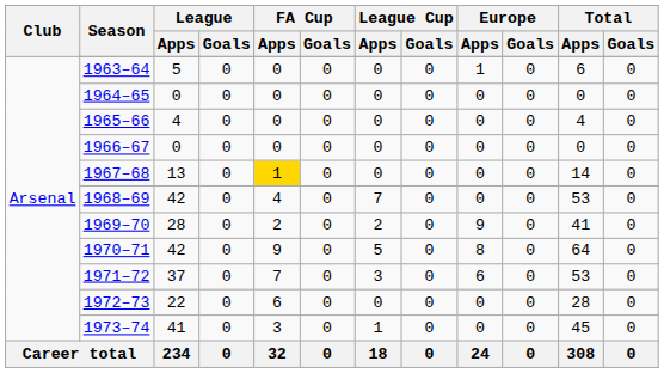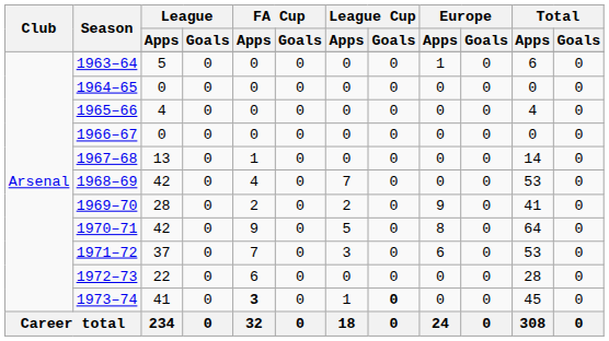 <table class="wikitable" style="text-align:center">
 <tr>
 <th rowspan="2">Club</th>
 <th rowspan="2">Season</th>
 <th colspan="2">League</th>
 <th colspan="2">FA Cup</th>
 <th colspan="2">League Cup</th>
 <th colspan="2">Europe</th>
 <th colspan="2">Total </th>
 </tr>
 <tr>
 <th>Apps</th>
 <th>Goals</th>
 <th>Apps</th>
 <th>Goals</th>
 <th>Apps</th>
 <th>Goals</th>
 <th>Apps</th>
 <th>Goals</th>
 <th>Apps</th>
 <th>Goals</th>
 </tr>
 <tr>
 <td rowspan="12"><a href='#'>Arsenal</a></td>
 </tr>
 <tr>
 <td><a href='#'>1963–64</a></td>
 <td>5</td>
 <td>0</td>
 <td>0</td>
 <td>0</td>
 <td>0</td>
 <td>0</td>
 <td>1</td>
 <td>0</td>
 <td>6</td>
 <td>0</td>
 </tr>
 <tr>
 <td><a href='#'>1964–65</a></td>
 <td>0</td>
 <td>0</td>
 <td>0</td>
 <td>0</td>
 <td>0</td>
 <td>0</td>
 <td>0</td>
 <td>0</td>
 <td>0</td>
 <td>0</td>
 </tr>
 <tr>
 <td><a href='#'>1965–66</a></td>
 <td>4</td>
 <td>0</td>
 <td>0</td>
 <td>0</td>
 <td>0</td>
 <td>0</td>
 <td>0</td>
 <td>0</td>
 <td>4</td>
 <td>0</td>
 </tr>
 <tr>
 <td><a href='#'>1966–67</a></td>
 <td>0</td>
 <td>0</td>
 <td>0</td>
 <td>0</td>
 <td>0</td>
 <td>0</td>
 <td>0</td>
 <td>0</td>
 <td>0</td>
 <td>0</td>
 </tr>
 <tr>
 <td><a href='#'>1967–68</a></td>
 <td>13</td>
 <td>0</td>
-<td style="background: gold;">1</td>
+<td>1</td>
 <td>0</td>
 <td>0</td>
 <td>0</td>
 <td>0</td>
 <td>0</td>
 <td>14</td>
 <td>0</td>
 </tr>
 <tr>
 <td><a href='#'>1968–69</a></td>
 <td>42</td>
 <td>0</td>
 <td>4</td>
 <td>0</td>
 <td>7</td>
 <td>0</td>
 <td>0</td>
 <td>0</td>
 <td>53</td>
 <td>0</td>
 </tr>
 <tr>
 <td><a href='#'>1969–70</a></td>
 <td>28</td>
 <td>0</td>
 <td>2</td>
 <td>0</td>
 <td>2</td>
 <td>0</td>
 <td>9</td>
 <td>0</td>
 <td>41</td>
 <td>0</td>
 </tr>
 <tr>
 <td><a href='#'>1970–71</a></td>
 <td>42</td>
 <td>0</td>
 <td>9</td>
 <td>0</td>
 <td>5</td>
 <td>0</td>
 <td>8</td>
 <td>0</td>
 <td>64</td>
 <td>0</td>
 </tr>
 <tr>
 <td><a href='#'>1971–72</a></td>
 <td>37</td>
 <td>0</td>
 <td>7</td>
 <td>0</td>
 <td>3</td>
 <td>0</td>
 <td>6</td>
 <td>0</td>
 <td>53</td>
 <td>0</td>
 </tr>
 <tr>
 <td><a href='#'>1972–73</a></td>
 <td>22</td>
 <td>0</td>
 <td>6</td>
 <td>0</td>
 <td>0</td>
 <td>0</td>
 <td>0</td>
 <td>0</td>
 <td>28</td>
 <td>0</td>
 </tr>
 <tr>
 <td><a href='#'>1973–74</a></td>
 <td>41</td>
 <td>0</td>
-<td>3</td>
+<td><strong>3</strong></td>
 <td>0</td>
 <td>1</td>
-<td>0</td>
+<td><strong>0</strong></td>
 <td>0</td>
 <td>0</td>
 <td>45</td>
 <td>0</td>
 </tr>
 <tr>
 <th colspan="2">Career total</th>
 <th>234</th>
 <th>0</th>
 <th>32</th>
 <th>0</th>
 <th>18</th>
 <th>0</th>
 <th>24</th>
 <th>0</th>
 <th>308</th>
 <th>0</th>
 </tr>
 </table>
